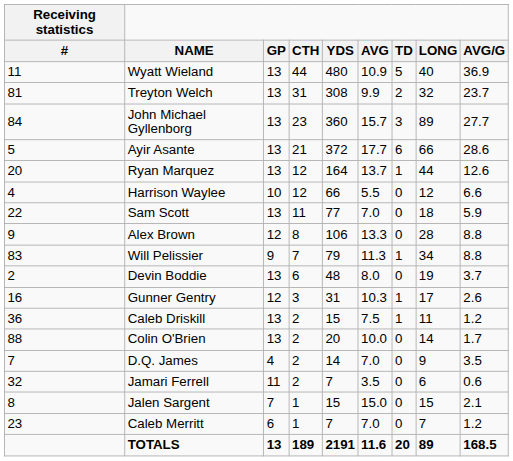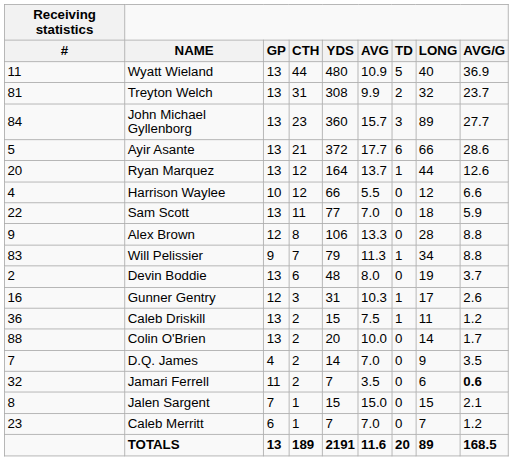 <table class="wikitable collapsible">
 <tr>
 <th style="text-align:center; ">Receiving statistics</th>
 </tr>
 <tr>
 <th>#</th>
 <th>NAME</th>
 <th>GP</th>
 <th>CTH</th>
 <th>YDS</th>
 <th>AVG</th>
 <th>TD</th>
 <th>LONG</th>
 <th>AVG/G</th>
 </tr>
 <tr>
 <td>11</td>
 <td>Wyatt Wieland</td>
 <td>13</td>
 <td>44</td>
 <td>480</td>
 <td>10.9</td>
 <td>5</td>
 <td>40</td>
 <td>36.9</td>
 </tr>
 <tr>
 <td>81</td>
 <td>Treyton Welch</td>
 <td>13</td>
 <td>31</td>
 <td>308</td>
 <td>9.9</td>
 <td>2</td>
 <td>32</td>
 <td>23.7</td>
 </tr>
 <tr>
 <td>84</td>
 <td>John Michael Gyllenborg</td>
 <td>13</td>
 <td>23</td>
 <td>360</td>
 <td>15.7</td>
 <td>3</td>
 <td>89</td>
 <td>27.7</td>
 </tr>
 <tr>
 <td>5</td>
 <td>Ayir Asante</td>
 <td>13</td>
 <td>21</td>
 <td>372</td>
 <td>17.7</td>
 <td>6</td>
 <td>66</td>
 <td>28.6</td>
 </tr>
 <tr>
 <td>20</td>
 <td>Ryan Marquez</td>
 <td>13</td>
 <td>12</td>
 <td>164</td>
 <td>13.7</td>
 <td>1</td>
 <td>44</td>
 <td>12.6</td>
 </tr>
 <tr>
 <td>4</td>
 <td>Harrison Waylee</td>
 <td>10</td>
 <td>12</td>
 <td>66</td>
 <td>5.5</td>
 <td>0</td>
 <td>12</td>
 <td>6.6</td>
 </tr>
 <tr>
 <td>22</td>
 <td>Sam Scott</td>
 <td>13</td>
 <td>11</td>
 <td>77</td>
 <td>7.0</td>
 <td>0</td>
 <td>18</td>
 <td>5.9</td>
 </tr>
 <tr>
 <td>9</td>
 <td>Alex Brown</td>
 <td>12</td>
 <td>8</td>
 <td>106</td>
 <td>13.3</td>
 <td>0</td>
 <td>28</td>
 <td>8.8</td>
 </tr>
 <tr>
 <td>83</td>
 <td>Will Pelissier</td>
 <td>9</td>
 <td>7</td>
 <td>79</td>
 <td>11.3</td>
 <td>1</td>
 <td>34</td>
 <td>8.8</td>
 </tr>
 <tr>
 <td>2</td>
 <td>Devin Boddie</td>
 <td>13</td>
 <td>6</td>
 <td>48</td>
 <td>8.0</td>
 <td>0</td>
 <td>19</td>
 <td>3.7</td>
 </tr>
 <tr>
 <td>16</td>
 <td>Gunner Gentry</td>
 <td>12</td>
 <td>3</td>
 <td>31</td>
 <td>10.3</td>
 <td>1</td>
 <td>17</td>
 <td>2.6</td>
 </tr>
 <tr>
 <td>36</td>
 <td>Caleb Driskill</td>
 <td>13</td>
 <td>2</td>
 <td>15</td>
 <td>7.5</td>
 <td>1</td>
 <td>11</td>
 <td>1.2</td>
 </tr>
 <tr>
 <td>88</td>
 <td>Colin O'Brien</td>
 <td>13</td>
 <td>2</td>
 <td>20</td>
 <td>10.0</td>
 <td>0</td>
 <td>14</td>
 <td>1.7</td>
 </tr>
 <tr>
 <td>7</td>
 <td>D.Q. James</td>
 <td>4</td>
 <td>2</td>
 <td>14</td>
 <td>7.0</td>
 <td>0</td>
 <td>9</td>
 <td>3.5</td>
 </tr>
 <tr>
 <td>32</td>
 <td>Jamari Ferrell</td>
 <td>11</td>
 <td>2</td>
 <td>7</td>
 <td>3.5</td>
 <td>0</td>
 <td>6</td>
-<td>0.6</td>
+<td><strong>0.6</strong></td>
 </tr>
 <tr>
 <td>8</td>
 <td>Jalen Sargent</td>
 <td>7</td>
 <td>1</td>
 <td>15</td>
 <td>15.0</td>
 <td>0</td>
 <td>15</td>
 <td>2.1</td>
 </tr>
 <tr>
 <td>23</td>
 <td>Caleb Merritt</td>
 <td>6</td>
 <td>1</td>
 <td>7</td>
 <td>7.0</td>
 <td>0</td>
 <td>7</td>
 <td>1.2</td>
 </tr>
 <tr>
 <td></td>
 <td><strong>TOTALS</strong></td>
 <td><strong>13</strong></td>
 <td><strong>189</strong></td>
 <td><strong>2191</strong></td>
 <td><strong>11.6</strong></td>
 <td><strong>20</strong></td>
 <td><strong>89</strong></td>
 <td><strong>168.5</strong></td>
 </tr>
 </table>
